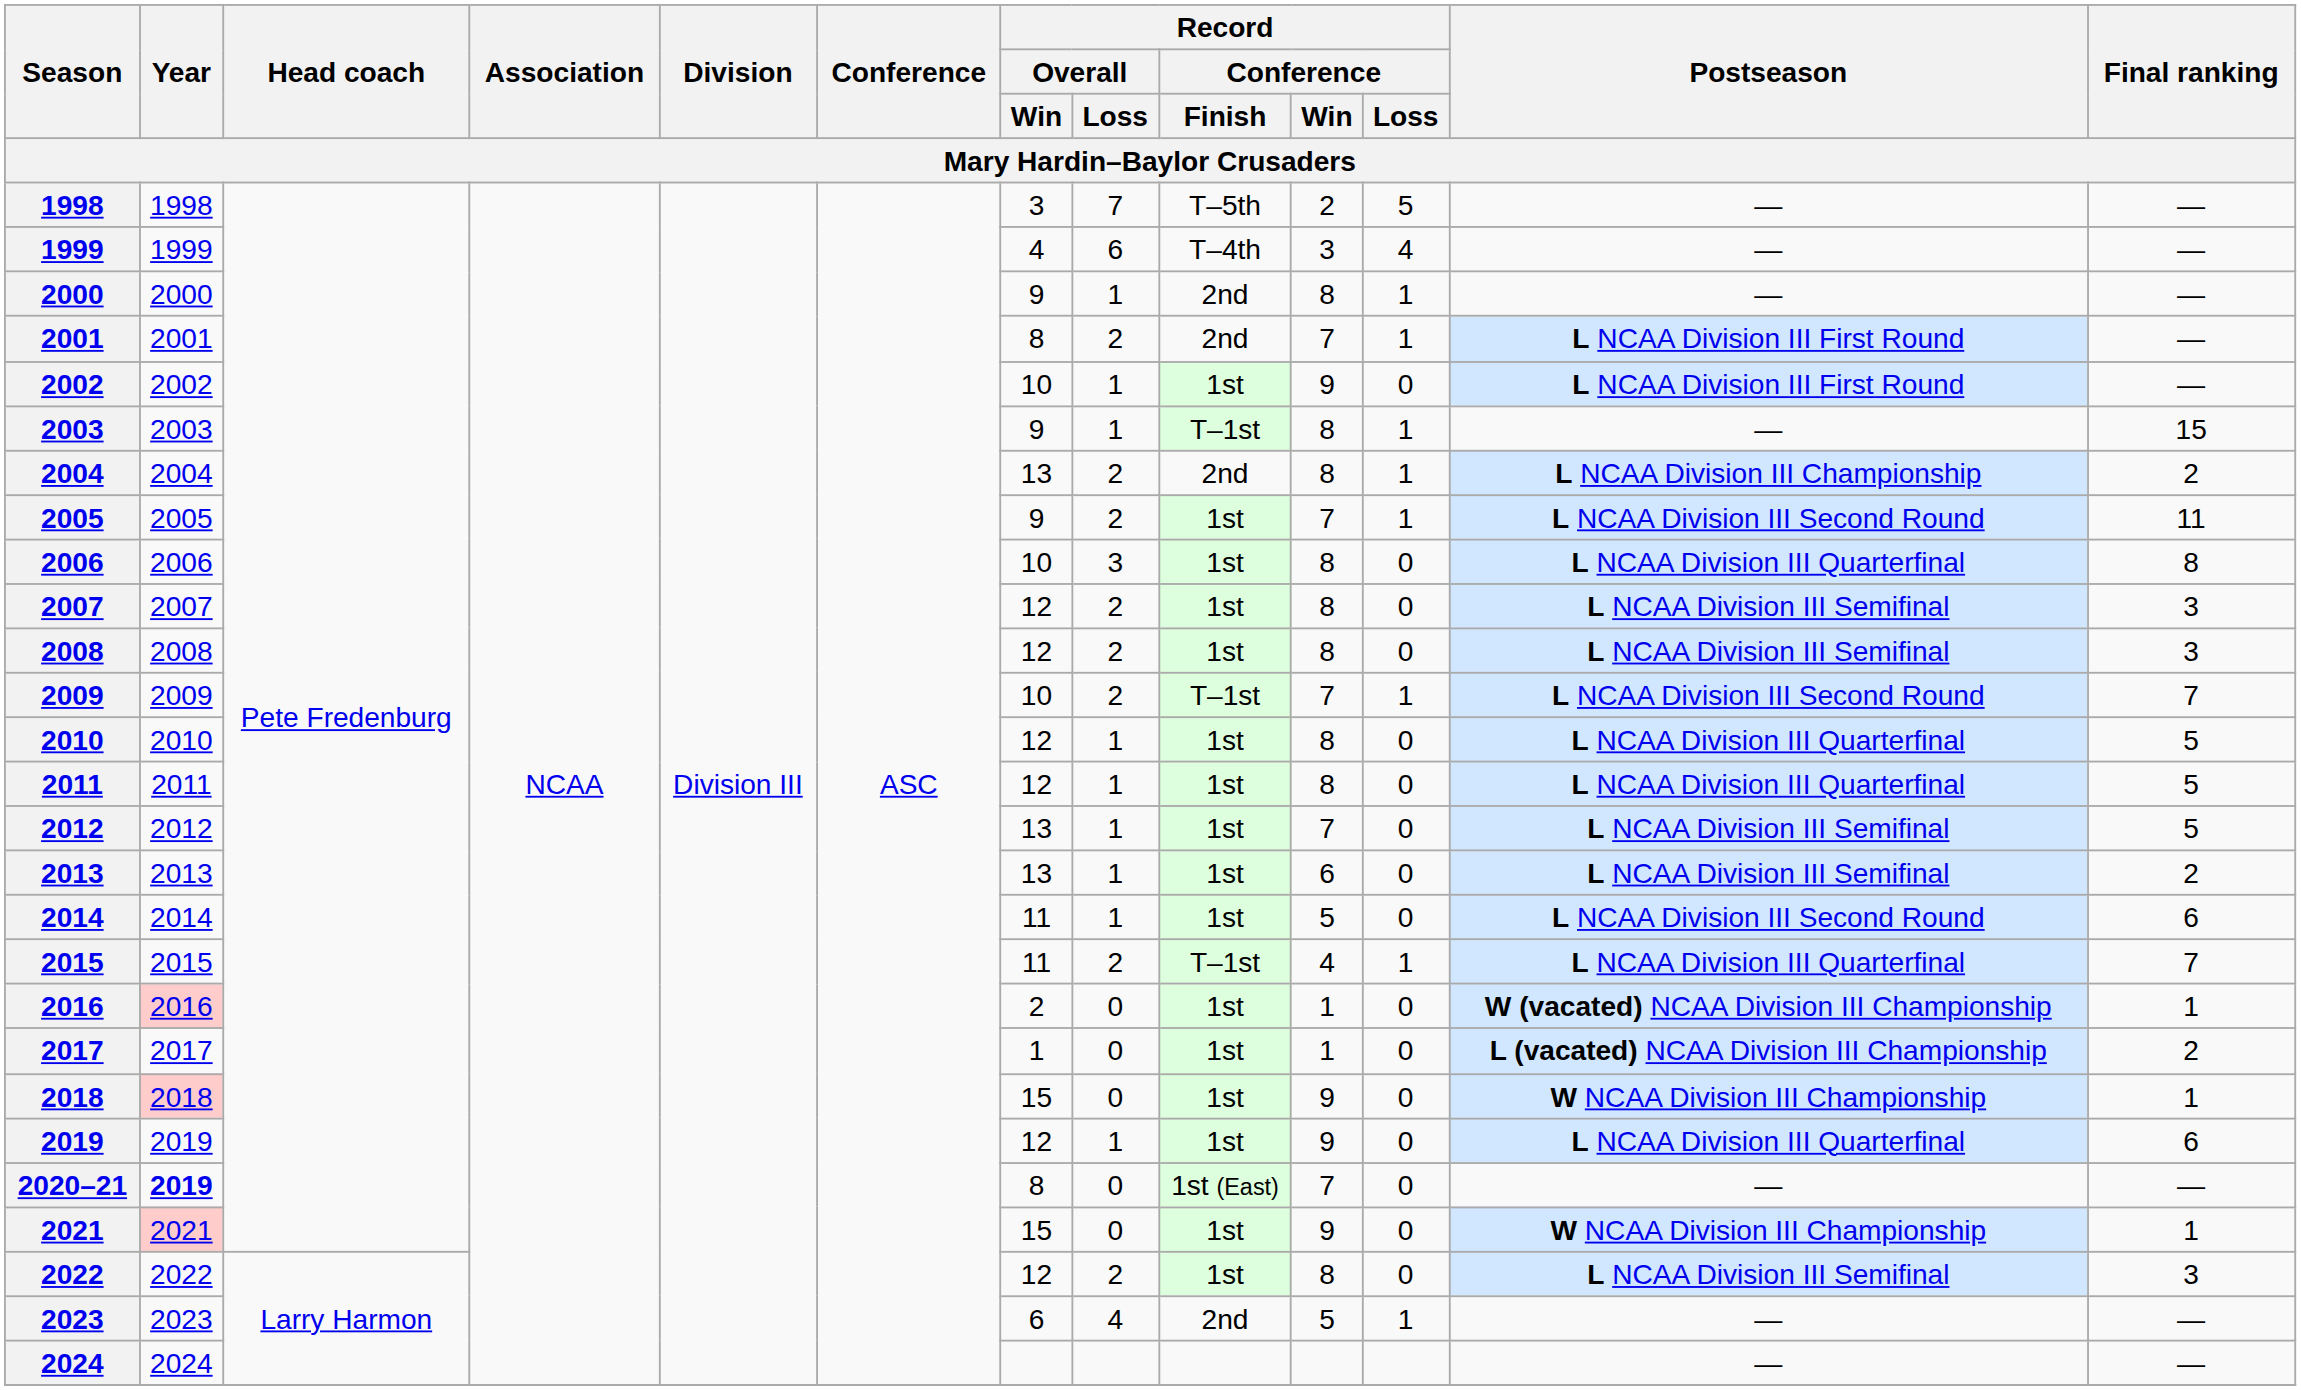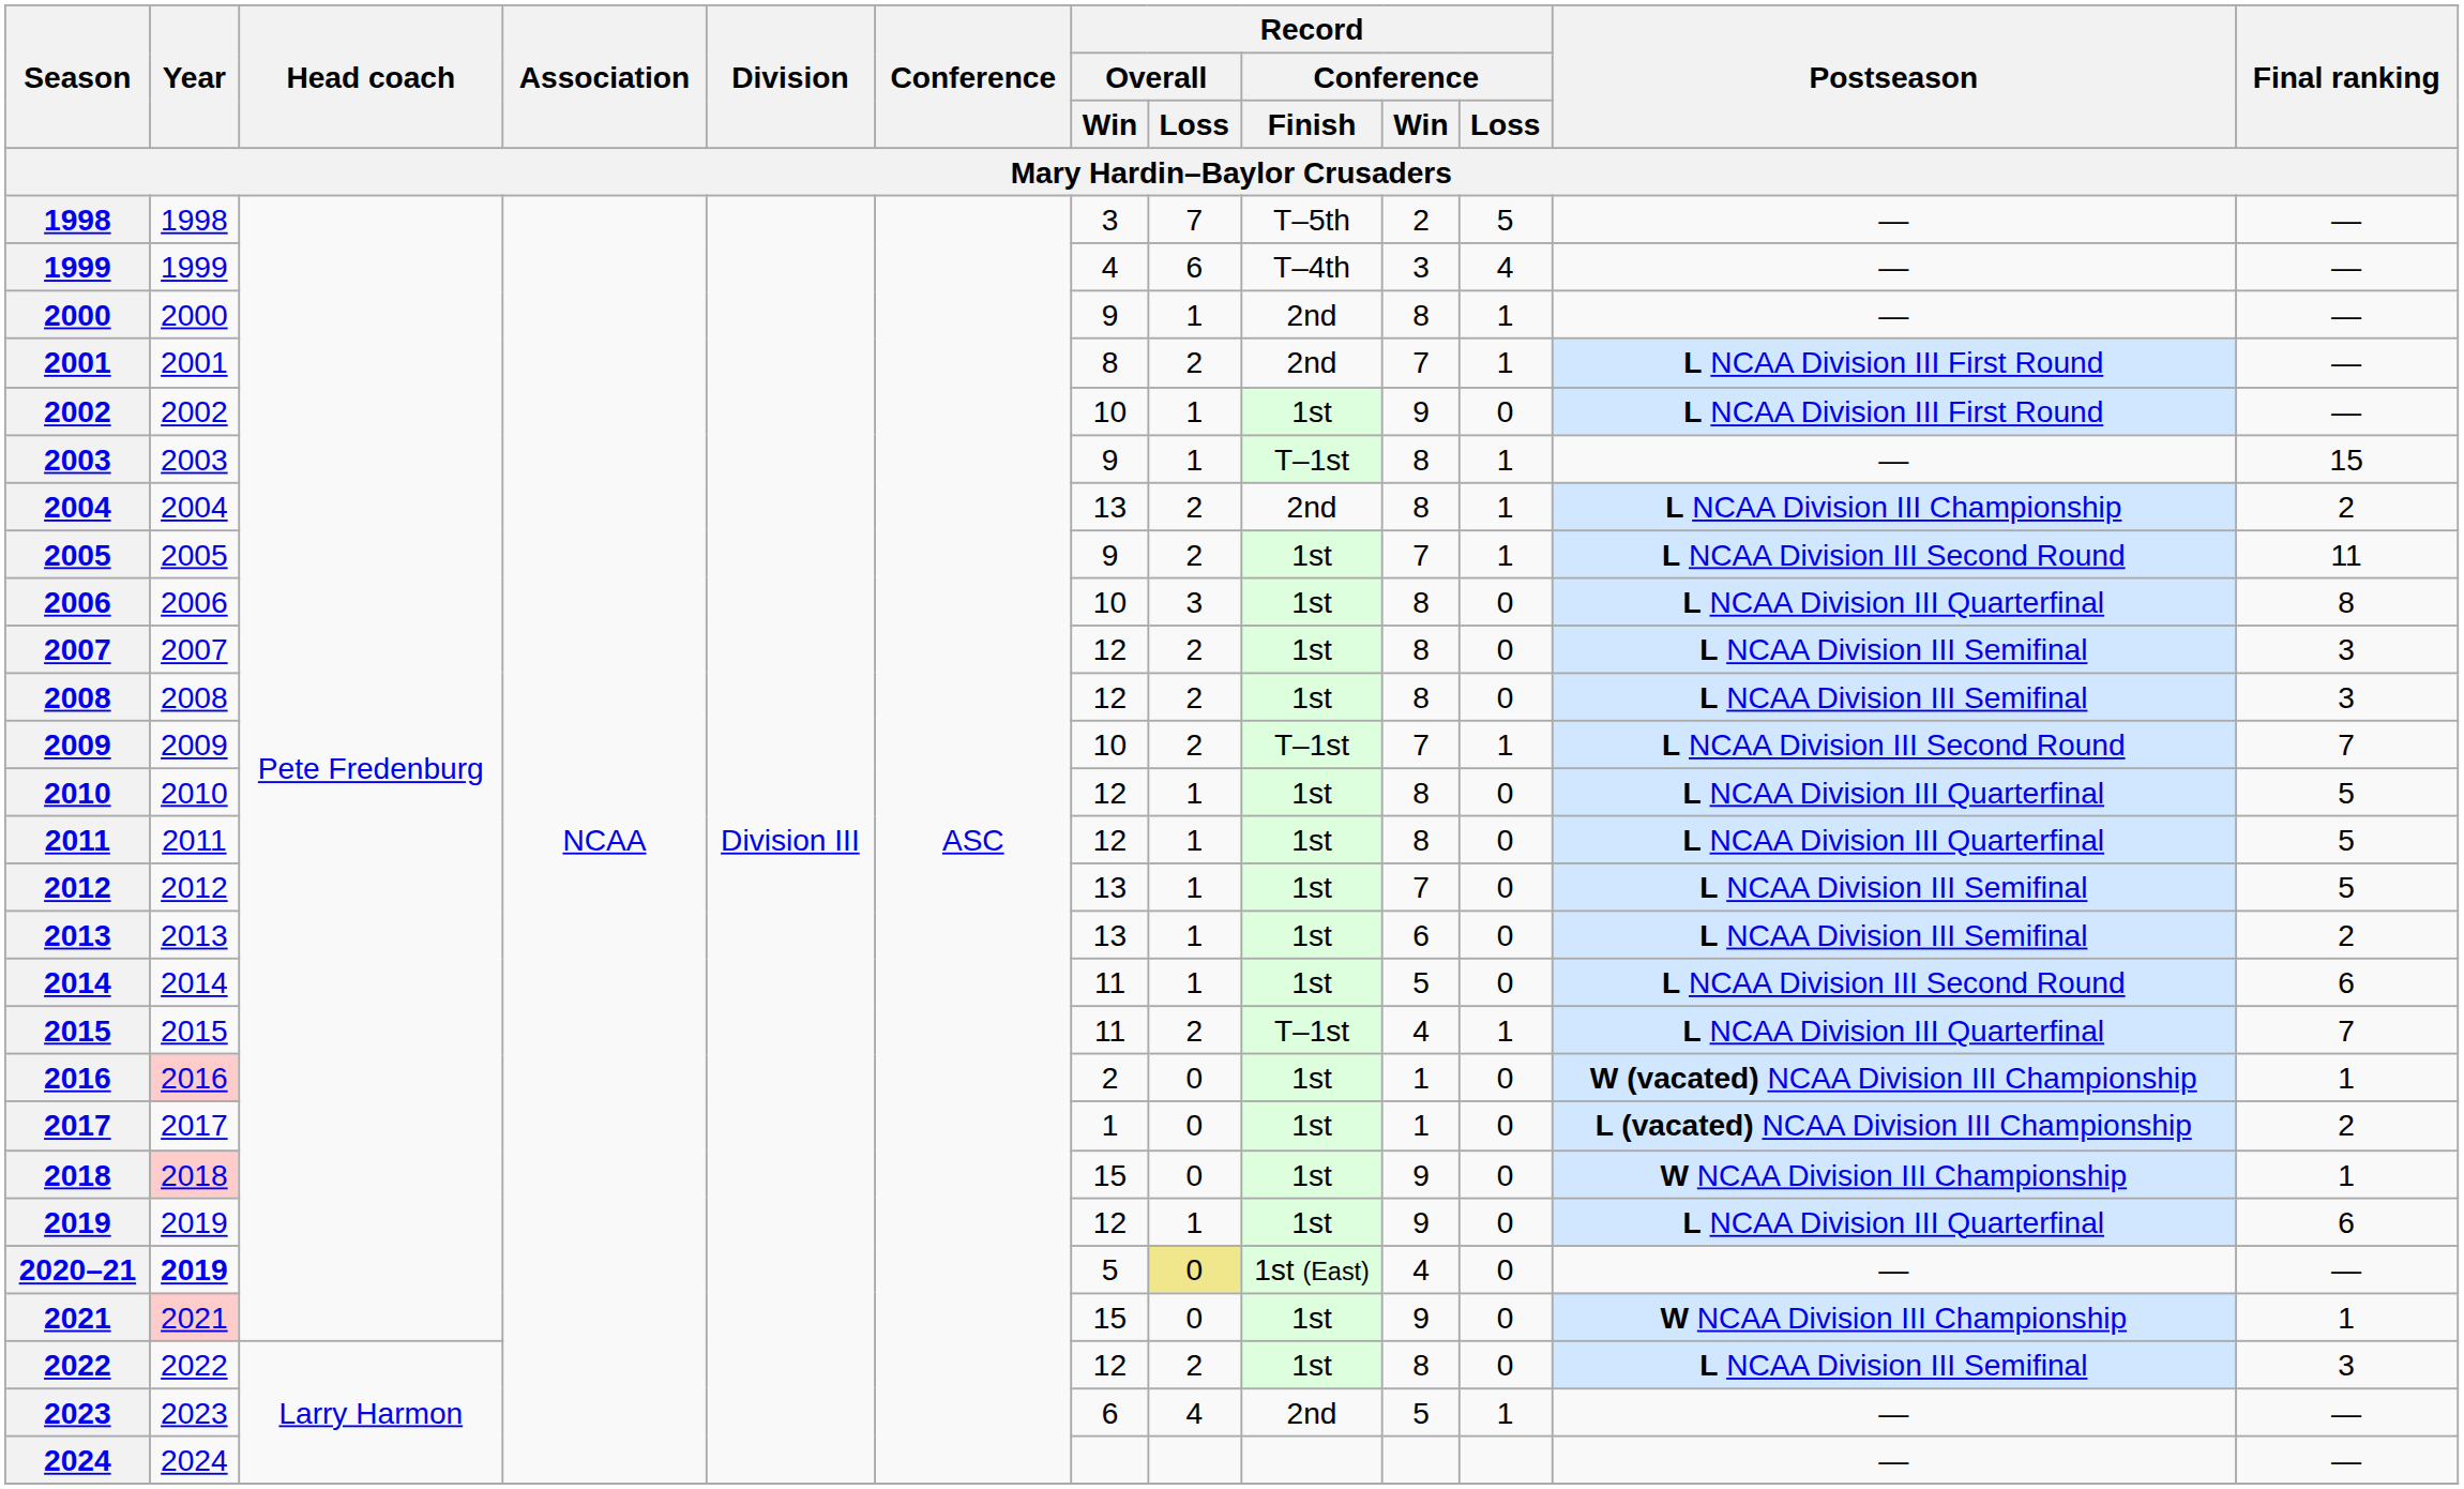 <table class="wikitable" style="font-size: 95%; width:98%;text-align:center;">
 <tr>
 <th rowspan="3">Season</th>
 <th rowspan="3">Year</th>
 <th rowspan="3">Head coach</th>
 <th rowspan="3">Association</th>
 <th rowspan="3">Division</th>
 <th rowspan="3">Conference</th>
 <th colspan="5">Record</th>
 <th rowspan="3">Postseason</th>
 <th rowspan="3">Final ranking</th>
 </tr>
 <tr>
 <th colspan="2">Overall</th>
 <th colspan="3">Conference</th>
 </tr>
 <tr>
 <th>Win</th>
 <th>Loss</th>
 <th>Finish</th>
 <th>Win</th>
 <th>Loss</th>
 </tr>
 <tr>
 <th colspan="15">Mary Hardin–Baylor Crusaders</th>
 </tr>
 <tr>
 <th><a href='#'>1998</a></th>
 <td><a href='#'>1998</a></td>
 <td rowspan="24"><a href='#'>Pete Fredenburg</a></td>
 <td rowspan="27"><a href='#'>NCAA</a></td>
 <td rowspan="27"><a href='#'>Division III</a></td>
 <td rowspan="27"><a href='#'>ASC</a></td>
 <td>3</td>
 <td>7</td>
 <td>T–5th</td>
 <td>2</td>
 <td>5</td>
 <td>—</td>
 <td>—</td>
 </tr>
 <tr>
 <th><a href='#'>1999</a></th>
 <td><a href='#'>1999</a></td>
 <td>4</td>
 <td>6</td>
 <td>T–4th</td>
 <td>3</td>
 <td>4</td>
 <td>—</td>
 <td>—</td>
 </tr>
 <tr>
 <th><a href='#'>2000</a></th>
 <td><a href='#'>2000</a></td>
 <td>9</td>
 <td>1</td>
 <td>2nd</td>
 <td>8</td>
 <td>1</td>
 <td>—</td>
 <td>—</td>
 </tr>
 <tr>
 <th><a href='#'>2001</a></th>
 <td><a href='#'>2001</a></td>
 <td>8</td>
 <td>2</td>
 <td>2nd</td>
 <td>7</td>
 <td>1</td>
 <td bgcolor="#d0e7ff"><strong>L</strong> <a href='#'>NCAA Division III First Round</a></td>
 <td>—</td>
 </tr>
 <tr>
 <th><a href='#'>2002</a></th>
 <td><a href='#'>2002</a></td>
 <td>10</td>
 <td>1</td>
 <td bgcolor="#ddffdd">1st</td>
 <td>9</td>
 <td>0</td>
 <td bgcolor="#d0e7ff"><strong>L</strong> <a href='#'>NCAA Division III First Round</a></td>
 <td>—</td>
 </tr>
 <tr>
 <th><a href='#'>2003</a></th>
 <td><a href='#'>2003</a></td>
 <td>9</td>
 <td>1</td>
 <td bgcolor="#ddffdd">T–1st</td>
 <td>8</td>
 <td>1</td>
 <td>—</td>
 <td>15</td>
 </tr>
 <tr>
 <th><a href='#'>2004</a></th>
 <td><a href='#'>2004</a></td>
 <td>13</td>
 <td>2</td>
 <td>2nd</td>
 <td>8</td>
 <td>1</td>
 <td bgcolor="#d0e7ff"><strong>L</strong> <a href='#'>NCAA Division III Championship</a></td>
 <td>2</td>
 </tr>
 <tr>
 <th><a href='#'>2005</a></th>
 <td><a href='#'>2005</a></td>
 <td>9</td>
 <td>2</td>
 <td bgcolor="#ddffdd">1st</td>
 <td>7</td>
 <td>1</td>
 <td bgcolor="#d0e7ff"><strong>L</strong> <a href='#'>NCAA Division III Second Round</a></td>
 <td>11</td>
 </tr>
 <tr>
 <th><a href='#'>2006</a></th>
 <td><a href='#'>2006</a></td>
 <td>10</td>
 <td>3</td>
 <td bgcolor="#ddffdd">1st</td>
 <td>8</td>
 <td>0</td>
 <td bgcolor="#d0e7ff"><strong>L</strong> <a href='#'>NCAA Division III Quarterfinal</a></td>
 <td>8</td>
 </tr>
 <tr>
 <th><a href='#'>2007</a></th>
 <td><a href='#'>2007</a></td>
 <td>12</td>
 <td>2</td>
 <td bgcolor="#ddffdd">1st</td>
 <td>8</td>
 <td>0</td>
 <td bgcolor="#d0e7ff"><strong>L</strong> <a href='#'>NCAA Division III Semifinal</a></td>
 <td>3</td>
 </tr>
 <tr>
 <th><a href='#'>2008</a></th>
 <td><a href='#'>2008</a></td>
 <td>12</td>
 <td>2</td>
 <td bgcolor="#ddffdd">1st</td>
 <td>8</td>
 <td>0</td>
 <td bgcolor="#d0e7ff"><strong>L</strong> <a href='#'>NCAA Division III Semifinal</a></td>
 <td>3</td>
 </tr>
 <tr>
 <th><a href='#'>2009</a></th>
 <td><a href='#'>2009</a></td>
 <td>10</td>
 <td>2</td>
 <td bgcolor="#ddffdd">T–1st</td>
 <td>7</td>
 <td>1</td>
 <td bgcolor="#d0e7ff"><strong>L</strong> <a href='#'>NCAA Division III Second Round</a></td>
 <td>7</td>
 </tr>
 <tr>
 <th><a href='#'>2010</a></th>
 <td><a href='#'>2010</a></td>
 <td>12</td>
 <td>1</td>
 <td bgcolor="#ddffdd">1st</td>
 <td>8</td>
 <td>0</td>
 <td bgcolor="#d0e7ff"><strong>L</strong> <a href='#'>NCAA Division III Quarterfinal</a></td>
 <td>5</td>
 </tr>
 <tr>
 <th><a href='#'>2011</a></th>
 <td><a href='#'>2011</a></td>
 <td>12</td>
 <td>1</td>
 <td bgcolor="#ddffdd">1st</td>
 <td>8</td>
 <td>0</td>
 <td bgcolor="#d0e7ff"><strong>L</strong> <a href='#'>NCAA Division III Quarterfinal</a></td>
 <td>5</td>
 </tr>
 <tr>
 <th><a href='#'>2012</a></th>
 <td><a href='#'>2012</a></td>
 <td>13</td>
 <td>1</td>
 <td bgcolor="#ddffdd">1st</td>
 <td>7</td>
 <td>0</td>
 <td bgcolor="#d0e7ff"><strong>L</strong> <a href='#'>NCAA Division III Semifinal</a></td>
 <td>5</td>
 </tr>
 <tr>
 <th><a href='#'>2013</a></th>
 <td><a href='#'>2013</a></td>
 <td>13</td>
 <td>1</td>
 <td bgcolor="#ddffdd">1st</td>
 <td>6</td>
 <td>0</td>
 <td bgcolor="#d0e7ff"><strong>L</strong> <a href='#'>NCAA Division III Semifinal</a></td>
 <td>2</td>
 </tr>
 <tr>
 <th><a href='#'>2014</a></th>
 <td><a href='#'>2014</a></td>
 <td>11</td>
 <td>1</td>
 <td bgcolor="#ddffdd">1st</td>
 <td>5</td>
 <td>0</td>
 <td bgcolor="#d0e7ff"><strong>L</strong> <a href='#'>NCAA Division III Second Round</a></td>
 <td>6</td>
 </tr>
 <tr>
 <th><a href='#'>2015</a></th>
 <td><a href='#'>2015</a></td>
 <td>11</td>
 <td>2</td>
 <td bgcolor="#ddffdd">T–1st</td>
 <td>4</td>
 <td>1</td>
 <td bgcolor="#d0e7ff"><strong>L</strong> <a href='#'>NCAA Division III Quarterfinal</a></td>
 <td>7</td>
 </tr>
 <tr>
 <th><a href='#'>2016</a></th>
 <td bgcolor="#FFCCCC"><a href='#'>2016</a></td>
 <td>2</td>
 <td>0</td>
 <td bgcolor="#ddffdd">1st</td>
 <td>1</td>
 <td>0</td>
 <td bgcolor="#d0e7ff"><strong>W (vacated)</strong> <a href='#'>NCAA Division III Championship</a></td>
 <td>1</td>
 </tr>
 <tr>
 <th><a href='#'>2017</a></th>
 <td><a href='#'>2017</a></td>
 <td>1</td>
 <td>0</td>
 <td bgcolor="#ddffdd">1st</td>
 <td>1</td>
 <td>0</td>
 <td bgcolor="#d0e7ff"><strong>L (vacated)</strong> <a href='#'>NCAA Division III Championship</a></td>
 <td>2</td>
 </tr>
 <tr>
 <th><a href='#'>2018</a></th>
 <td bgcolor="#FFCCCC"><a href='#'>2018</a></td>
 <td>15</td>
 <td>0</td>
 <td bgcolor="#ddffdd">1st</td>
 <td>9</td>
 <td>0</td>
 <td bgcolor="#d0e7ff"><strong>W</strong> <a href='#'>NCAA Division III Championship</a></td>
 <td>1</td>
 </tr>
 <tr>
 <th><a href='#'>2019</a></th>
 <td><a href='#'>2019</a></td>
 <td>12</td>
 <td>1</td>
 <td bgcolor="#ddffdd">1st</td>
 <td>9</td>
 <td>0</td>
 <td bgcolor="#d0e7ff"><strong>L</strong> <a href='#'>NCAA Division III Quarterfinal</a></td>
 <td>6</td>
 </tr>
 <tr>
 <th><a href='#'>2020–21</a></th>
 <td><strong><a href='#'>2019</a></strong></td>
-<td>8</td>
-<td>0</td>
+<td>5</td>
+<td style="background: khaki;">0</td>
 <td bgcolor="#ddffdd">1st <small>(East)</small></td>
-<td>7</td>
+<td>4</td>
 <td>0</td>
 <td>—</td>
 <td>—</td>
 </tr>
 <tr>
 <th><a href='#'>2021</a></th>
 <td bgcolor="#FFCCCC"><a href='#'>2021</a></td>
 <td>15</td>
 <td>0</td>
 <td bgcolor="#ddffdd">1st</td>
 <td>9</td>
 <td>0</td>
 <td bgcolor="#d0e7ff"><strong>W</strong> <a href='#'>NCAA Division III Championship</a></td>
 <td>1</td>
 </tr>
 <tr>
 <th><a href='#'>2022</a></th>
 <td><a href='#'>2022</a></td>
 <td rowspan="3"><a href='#'>Larry Harmon</a></td>
 <td>12</td>
 <td>2</td>
 <td bgcolor="#ddffdd">1st</td>
 <td>8</td>
 <td>0</td>
 <td bgcolor="#d0e7ff"><strong>L</strong> <a href='#'>NCAA Division III Semifinal</a></td>
 <td>3</td>
 </tr>
 <tr>
 <th><a href='#'>2023</a></th>
 <td><a href='#'>2023</a></td>
 <td>6</td>
 <td>4</td>
 <td>2nd</td>
 <td>5</td>
 <td>1</td>
 <td>—</td>
 <td>—</td>
 </tr>
 <tr>
 <th><a href='#'>2024</a></th>
 <td><a href='#'>2024</a></td>
 <td></td>
 <td></td>
 <td></td>
 <td></td>
 <td></td>
 <td>—</td>
 <td>—</td>
 </tr>
 <tr>
 </tr>
 </table>
